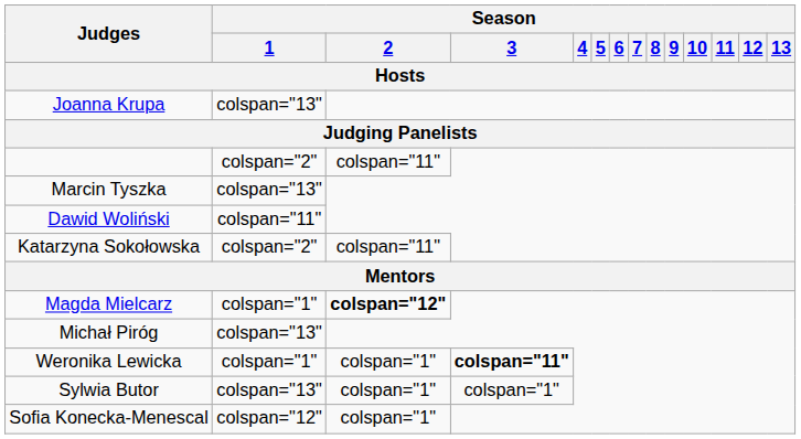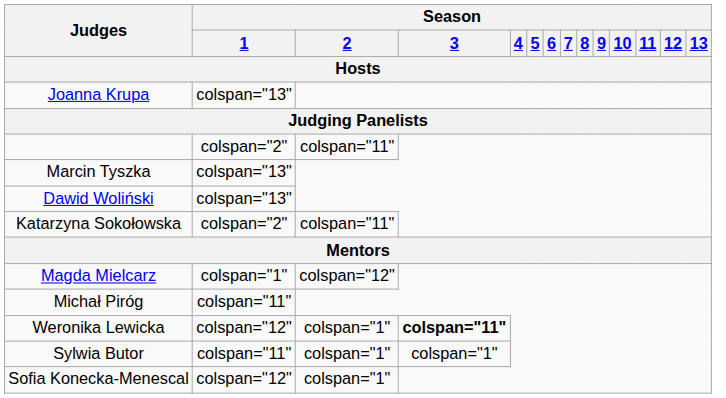 <table class="wikitable" style="text-align:center">
 <tr>
 <th rowspan="2">Judges</th>
 <th colspan="13" ! text-align:center;>Season</th>
 </tr>
 <tr>
 <th><a href='#'>1</a></th>
 <th><a href='#'>2</a></th>
 <th><a href='#'>3</a></th>
 <th><a href='#'>4</a></th>
 <th><a href='#'>5</a></th>
 <th><a href='#'>6</a></th>
 <th><a href='#'>7</a></th>
 <th><a href='#'>8</a></th>
 <th><a href='#'>9</a></th>
 <th><a href='#'>10</a></th>
 <th><a href='#'>11</a></th>
 <th><a href='#'>12</a></th>
 <th><a href='#'>13</a></th>
 </tr>
 <tr>
 <th colspan="14" scope="col">Hosts</th>
 </tr>
 <tr>
 <td scope="row"><a href='#'>Joanna Krupa</a></td>
 <td>colspan="13" </td>
 </tr>
 <tr>
 <th colspan="14" scope="col">Judging Panelists</th>
 </tr>
 <tr>
 <td scope="row"></td>
 <td>colspan="2" </td>
 <td>colspan="11" </td>
 </tr>
 <tr>
 <td scope="row">Marcin Tyszka</td>
 <td>colspan="13" </td>
 </tr>
 <tr>
 <td scope="row"><a href='#'>Dawid Woliński</a></td>
-<td>colspan="11" </td>
+<td>colspan="13" </td>
 </tr>
 <tr>
 <td scope="row">Katarzyna Sokołowska</td>
 <td>colspan="2" </td>
 <td>colspan="11" </td>
 </tr>
 <tr>
 <th colspan="14">Mentors</th>
 </tr>
 <tr>
 <td scope="row"><a href='#'>Magda Mielcarz</a></td>
 <td>colspan="1" </td>
-<td><strong>colspan="12" </strong></td>
+<td>colspan="12" </td>
 </tr>
 <tr>
 <td scope="row">Michał Piróg</td>
-<td>colspan="13" </td>
+<td>colspan="11" </td>
 </tr>
 <tr>
 <td scope="row">Weronika Lewicka</td>
-<td>colspan="1" </td>
+<td>colspan="12" </td>
 <td>colspan="1" </td>
 <td><strong>colspan="11" </strong></td>
 </tr>
 <tr>
 <td scope="row">Sylwia Butor</td>
-<td>colspan="13" </td>
+<td>colspan="11" </td>
 <td>colspan="1" </td>
 <td>colspan="1" </td>
 </tr>
 <tr>
 <td scope="row">Sofia Konecka-Menescal</td>
 <td>colspan="12" </td>
 <td>colspan="1" </td>
 </tr>
 </table>
